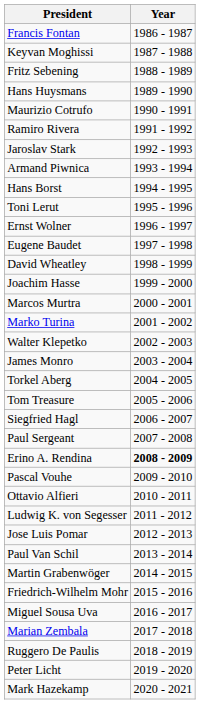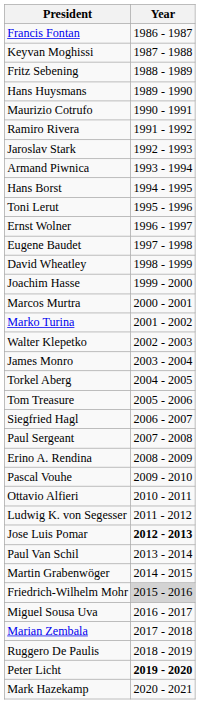 <table class="wikitable">
 <tr>
 <th>President</th>
 <th>Year</th>
 </tr>
 <tr>
 <td><a href='#'>Francis Fontan</a></td>
 <td>1986 - 1987</td>
 </tr>
 <tr>
 <td>Keyvan Moghissi</td>
 <td>1987 - 1988</td>
 </tr>
 <tr>
 <td>Fritz Sebening</td>
 <td>1988 - 1989</td>
 </tr>
 <tr>
 <td>Hans Huysmans</td>
 <td>1989 - 1990</td>
 </tr>
 <tr>
 <td>Maurizio Cotrufo</td>
 <td>1990 - 1991</td>
 </tr>
 <tr>
 <td>Ramiro Rivera</td>
 <td>1991 - 1992</td>
 </tr>
 <tr>
 <td>Jaroslav Stark</td>
 <td>1992 - 1993</td>
 </tr>
 <tr>
 <td>Armand Piwnica</td>
 <td>1993 - 1994</td>
 </tr>
 <tr>
 <td>Hans Borst</td>
 <td>1994 - 1995</td>
 </tr>
 <tr>
 <td>Toni Lerut</td>
 <td>1995 - 1996</td>
 </tr>
 <tr>
 <td>Ernst Wolner</td>
 <td>1996 - 1997</td>
 </tr>
 <tr>
 <td>Eugene Baudet</td>
 <td>1997 - 1998</td>
 </tr>
 <tr>
 <td>David Wheatley</td>
 <td>1998 - 1999</td>
 </tr>
 <tr>
 <td>Joachim Hasse</td>
 <td>1999 - 2000</td>
 </tr>
 <tr>
 <td>Marcos Murtra</td>
 <td>2000 - 2001</td>
 </tr>
 <tr>
 <td><a href='#'>Marko Turina</a></td>
 <td>2001 - 2002</td>
 </tr>
 <tr>
 <td>Walter Klepetko</td>
 <td>2002 - 2003</td>
 </tr>
 <tr>
 <td>James Monro</td>
 <td>2003 - 2004</td>
 </tr>
 <tr>
 <td>Torkel Aberg</td>
 <td>2004 - 2005</td>
 </tr>
 <tr>
 <td>Tom Treasure</td>
 <td>2005 - 2006</td>
 </tr>
 <tr>
 <td>Siegfried Hagl</td>
 <td>2006 - 2007</td>
 </tr>
 <tr>
 <td>Paul Sergeant</td>
 <td>2007 - 2008</td>
 </tr>
 <tr>
 <td>Erino A. Rendina</td>
-<td><strong>2008 - 2009</strong></td>
+<td>2008 - 2009</td>
 </tr>
 <tr>
 <td>Pascal Vouhe</td>
 <td>2009 - 2010</td>
 </tr>
 <tr>
 <td>Ottavio Alfieri</td>
 <td>2010 - 2011</td>
 </tr>
 <tr>
 <td>Ludwig K. von Segesser</td>
 <td>2011 - 2012</td>
 </tr>
 <tr>
 <td>Jose Luis Pomar</td>
-<td>2012 - 2013</td>
+<td><strong>2012 - 2013</strong></td>
 </tr>
 <tr>
 <td>Paul Van Schil</td>
 <td>2013 - 2014</td>
 </tr>
 <tr>
 <td>Martin Grabenwöger</td>
 <td>2014 - 2015</td>
 </tr>
 <tr>
 <td>Friedrich-Wilhelm Mohr</td>
-<td>2015 - 2016</td>
+<td style="background: lightgrey;">2015 - 2016</td>
 </tr>
 <tr>
 <td>Miguel Sousa Uva</td>
 <td>2016 - 2017</td>
 </tr>
 <tr>
 <td><a href='#'>Marian Zembala</a></td>
 <td>2017 - 2018</td>
 </tr>
 <tr>
 <td>Ruggero De Paulis</td>
 <td>2018 - 2019</td>
 </tr>
 <tr>
 <td>Peter Licht</td>
-<td>2019 - 2020</td>
+<td><strong>2019 - 2020</strong></td>
 </tr>
 <tr>
 <td>Mark Hazekamp</td>
 <td>2020 - 2021</td>
 </tr>
 </table>
